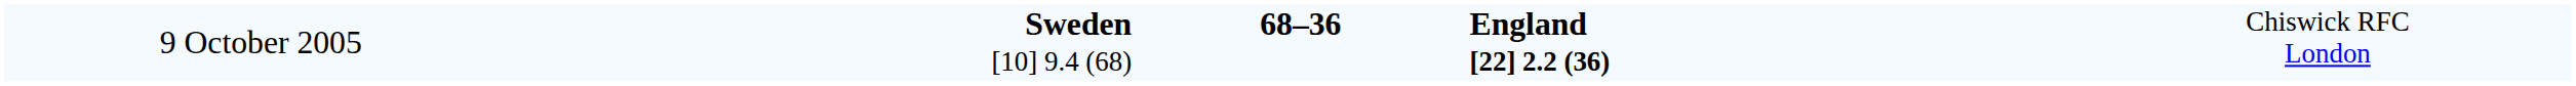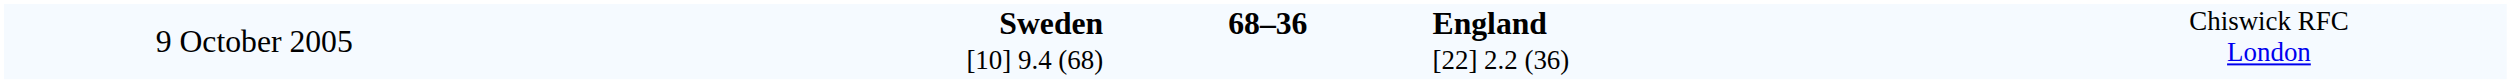 <table style="width: 100%; background:#F5FAFF;" cellspacing="0">
 <tr>
 <td align=center rowspan=3 width=20%>9 October 2005</td>
 </tr>
 <tr>
 <td width=24% align=right><strong>Sweden</strong></td>
 <td align=center width=13%><strong>68–36</strong></td>
 <td width=24%><strong>England</strong></td>
 <td style=font-size:85% rowspan=3 valign=top align=center>Chiswick RFC<br><a href='#'>London</a></td>
 </tr>
 <tr style=font-size:85%>
 <td align=right>[10] 9.4 (68)</td>
 <td></td>
-<td><strong>[22] 2.2 (36)</strong></td>
+<td>[22] 2.2 (36)</td>
 </tr>
 </table>
